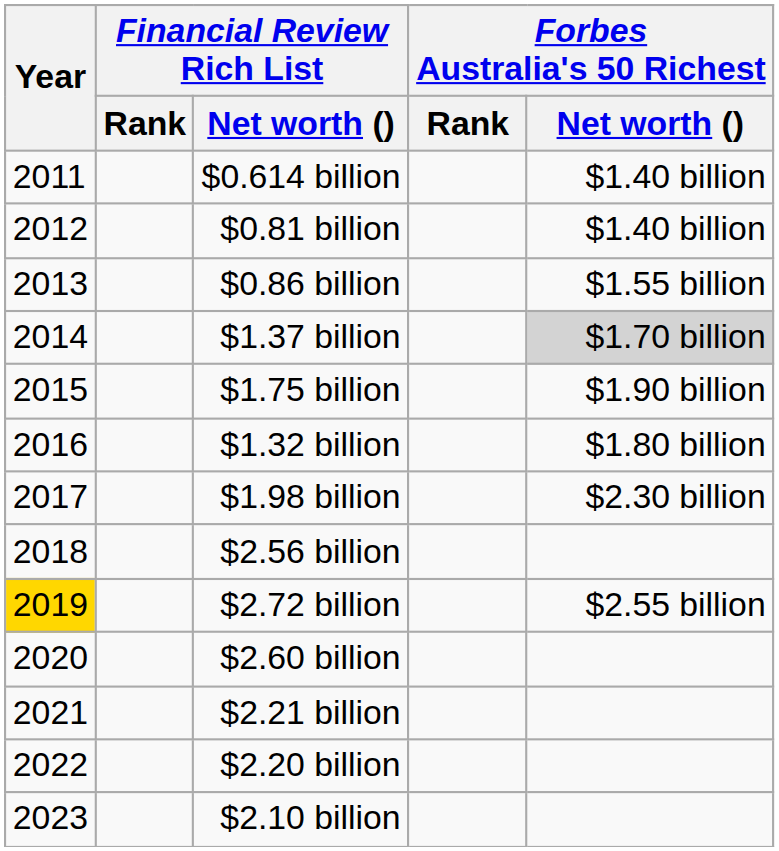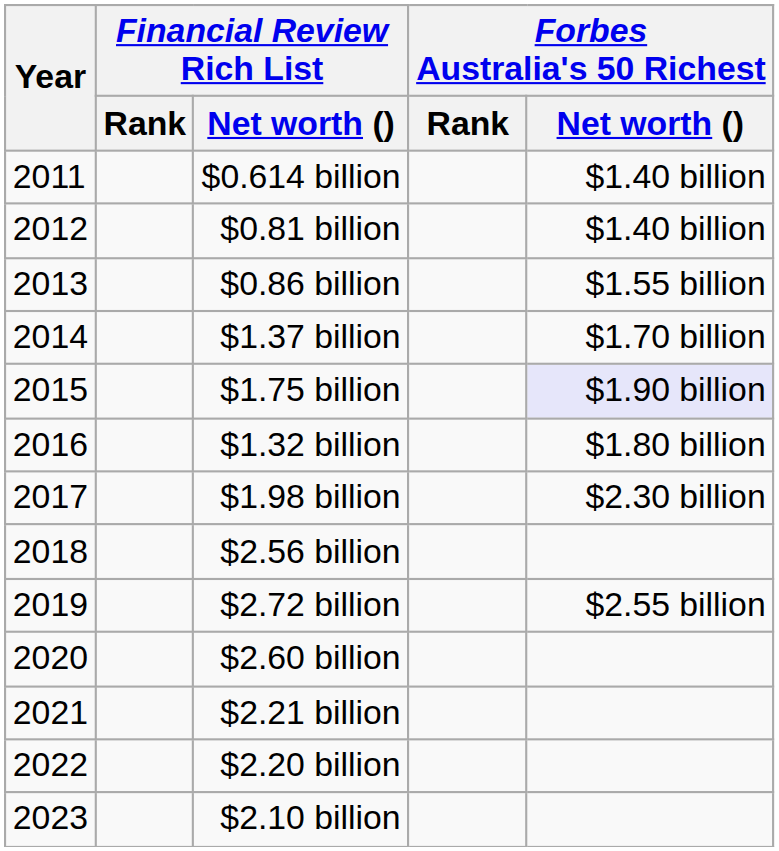 <table class="wikitable">
 <tr>
 <th rowspan=2>Year</th>
 <th colspan="2"><em><a href='#'>Financial Review</a></em><br><a href='#'>Rich List</a></th>
 <th colspan="2"><em><a href='#'>Forbes</a></em><br><a href='#'>Australia's 50 Richest</a></th>
 </tr>
 <tr>
 <th>Rank</th>
 <th><a href='#'>Net worth</a> ()</th>
 <th>Rank</th>
 <th><a href='#'>Net worth</a> ()</th>
 </tr>
 <tr>
 <td>2011</td>
 <td style="text-align:center;"></td>
 <td style="text-align:right;">$0.614 billion </td>
 <td style="text-align:center;"> </td>
 <td style="text-align:right;">$1.40 billion </td>
 </tr>
 <tr>
 <td>2012</td>
 <td style="text-align:center;"></td>
 <td style="text-align:right;">$0.81 billion </td>
 <td style="text-align:center;"> </td>
 <td style="text-align:right;">$1.40 billion </td>
 </tr>
 <tr>
 <td>2013</td>
 <td style="text-align:center;"> </td>
 <td style="text-align:right;">$0.86 billion </td>
 <td style="text-align:center;"> </td>
 <td style="text-align:right;">$1.55 billion </td>
 </tr>
 <tr>
 <td>2014</td>
 <td style="text-align:center;"> </td>
 <td style="text-align:right;">$1.37 billion </td>
 <td style="text-align:center;"> </td>
-<td style="background: lightgrey; text-align:right;">$1.70 billion </td>
+<td style="text-align:right;">$1.70 billion </td>
 </tr>
 <tr>
 <td>2015</td>
 <td style="text-align:center;"> </td>
 <td style="text-align:right;">$1.75 billion </td>
 <td style="text-align:center;"> </td>
-<td style="text-align:right;">$1.90 billion </td>
+<td style="background: lavender; text-align:right;">$1.90 billion </td>
 </tr>
 <tr>
 <td>2016</td>
 <td style="text-align:center;"> </td>
 <td style="text-align:right;">$1.32 billion </td>
 <td style="text-align:center;"> </td>
 <td style="text-align:right;">$1.80 billion </td>
 </tr>
 <tr>
 <td>2017</td>
 <td style="text-align:center;"> </td>
 <td style="text-align:right;">$1.98 billion </td>
 <td style="text-align:center;"> </td>
 <td style="text-align:right;">$2.30 billion </td>
 </tr>
 <tr>
 <td>2018</td>
 <td style="text-align:center;"> </td>
 <td style="text-align:right;">$2.56 billion </td>
 <td align="center"></td>
 <td align="right"></td>
 </tr>
 <tr>
-<td style="background: gold;">2019</td>
+<td>2019</td>
 <td align="center"></td>
 <td align="right">$2.72 billion </td>
 <td align="center"></td>
 <td align="right">$2.55 billion </td>
 </tr>
 <tr>
 <td>2020</td>
 <td align="center"></td>
 <td align="right">$2.60 billion </td>
 <td align="center"></td>
 <td align="right"></td>
 </tr>
 <tr>
 <td>2021</td>
 <td align="center"></td>
 <td align="right">$2.21 billion </td>
 <td align="center"></td>
 <td align="right"></td>
 </tr>
 <tr>
 <td>2022</td>
 <td align="center"></td>
 <td align="right">$2.20 billion </td>
 <td align="center"></td>
 <td align="right"></td>
 </tr>
 <tr>
 <td>2023</td>
 <td align="center"></td>
 <td align="right">$2.10 billion </td>
 <td align="center"></td>
 <td align="right"></td>
 </tr>
 </table>
